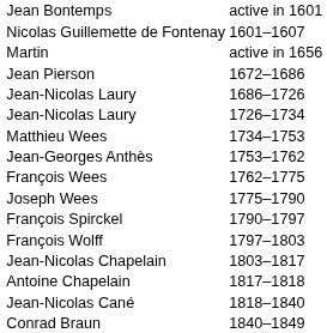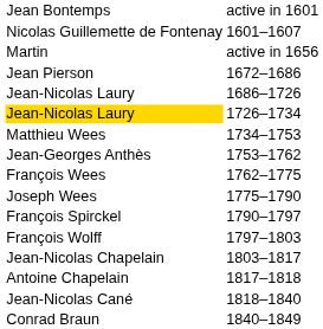 <table>
 <tr>
 <td>Jean Bontemps</td>
 <td>active in 1601</td>
 </tr>
 <tr>
 <td>Nicolas Guillemette de Fontenay</td>
 <td>1601–1607</td>
 </tr>
 <tr>
 <td>Martin</td>
 <td>active in 1656</td>
 </tr>
 <tr>
 <td>Jean Pierson</td>
 <td>1672–1686</td>
 </tr>
 <tr>
 <td>Jean-Nicolas Laury</td>
 <td>1686–1726</td>
 </tr>
 <tr>
-<td>Jean-Nicolas Laury</td>
+<td style="background: gold;">Jean-Nicolas Laury</td>
 <td>1726–1734</td>
 </tr>
 <tr>
 <td>Matthieu Wees</td>
 <td>1734–1753</td>
 </tr>
 <tr>
 <td>Jean-Georges Anthès</td>
 <td>1753–1762</td>
 </tr>
 <tr>
 <td>François Wees</td>
 <td>1762–1775</td>
 </tr>
 <tr>
 <td>Joseph Wees</td>
 <td>1775–1790</td>
 </tr>
 <tr>
 <td>François Spirckel</td>
 <td>1790–1797</td>
 </tr>
 <tr>
 <td>François Wolff</td>
 <td>1797–1803</td>
 </tr>
 <tr>
 <td>Jean-Nicolas Chapelain</td>
 <td>1803–1817</td>
 </tr>
 <tr>
 <td>Antoine Chapelain</td>
 <td>1817–1818</td>
 </tr>
 <tr>
 <td>Jean-Nicolas Cané</td>
 <td>1818–1840</td>
 </tr>
 <tr>
 <td>Conrad Braun</td>
 <td>1840–1849</td>
 </tr>
 </table>
